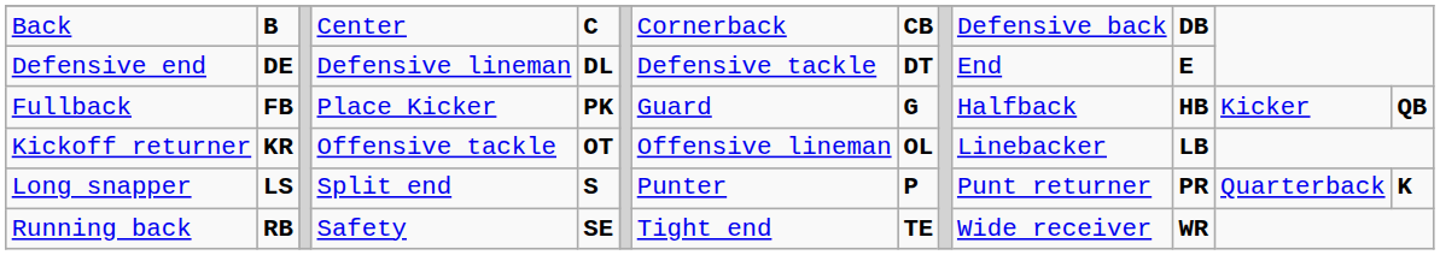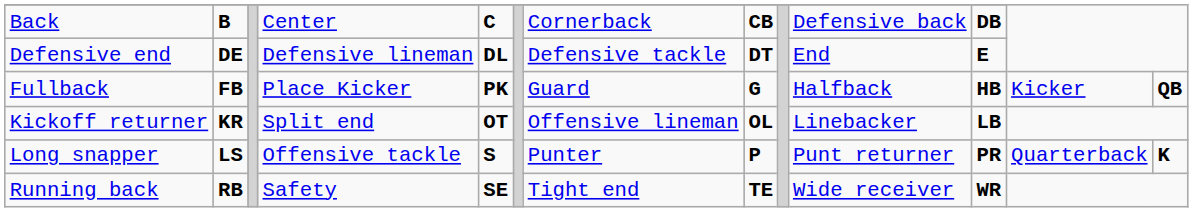 <table class="wikitable">
 <tr style="text-align:center; ">
 </tr>
 <tr>
 <td><a href='#'>Back</a></td>
 <td><strong>B</strong></td>
 <td rowSpan="6" style="background-color:lightgrey;"></td>
 <td><a href='#'>Center</a></td>
 <td><strong>C</strong></td>
 <td rowSpan="6" style="background-color:lightgrey;"></td>
 <td><a href='#'>Cornerback</a></td>
 <td><strong>CB</strong></td>
 <td rowSpan="6" style="background-color:lightgrey;"></td>
 <td><a href='#'>Defensive back</a></td>
 <td><strong>DB</strong></td>
 </tr>
 <tr>
 <td><a href='#'>Defensive end</a></td>
 <td><strong>DE</strong></td>
 <td><a href='#'>Defensive lineman</a></td>
 <td><strong>DL</strong></td>
 <td><a href='#'>Defensive tackle</a></td>
 <td><strong>DT</strong></td>
 <td><a href='#'>End</a></td>
 <td><strong>E</strong></td>
 </tr>
 <tr>
 <td><a href='#'>Fullback</a></td>
 <td><strong>FB</strong></td>
 <td><a href='#'>Place Kicker</a></td>
 <td><strong>PK</strong></td>
 <td><a href='#'>Guard</a></td>
 <td><strong>G</strong></td>
 <td><a href='#'>Halfback</a></td>
 <td><strong>HB</strong></td>
 <td><a href='#'>Kicker</a></td>
 <td><strong>QB</strong></td>
 </tr>
 <tr>
 <td><a href='#'>Kickoff returner</a></td>
 <td><strong>KR</strong></td>
-<td><a href='#'>Offensive tackle</a></td>
+<td><a href='#'>Split end</a></td>
 <td><strong>OT</strong></td>
 <td><a href='#'>Offensive lineman</a></td>
 <td><strong>OL</strong></td>
 <td><a href='#'>Linebacker</a></td>
 <td><strong>LB</strong></td>
 </tr>
 <tr>
 <td><a href='#'>Long snapper</a></td>
 <td><strong>LS</strong></td>
-<td><a href='#'>Split end</a></td>
+<td><a href='#'>Offensive tackle</a></td>
 <td><strong>S</strong></td>
 <td><a href='#'>Punter</a></td>
 <td><strong>P</strong></td>
 <td><a href='#'>Punt returner</a></td>
 <td><strong>PR</strong></td>
 <td><a href='#'>Quarterback</a></td>
 <td><strong>K</strong></td>
 </tr>
 <tr>
 <td><a href='#'>Running back</a></td>
 <td><strong>RB</strong></td>
 <td><a href='#'>Safety</a></td>
 <td><strong>SE</strong></td>
 <td><a href='#'>Tight end</a></td>
 <td><strong>TE</strong></td>
 <td><a href='#'>Wide receiver</a></td>
 <td><strong>WR</strong></td>
 </tr>
 </table>
